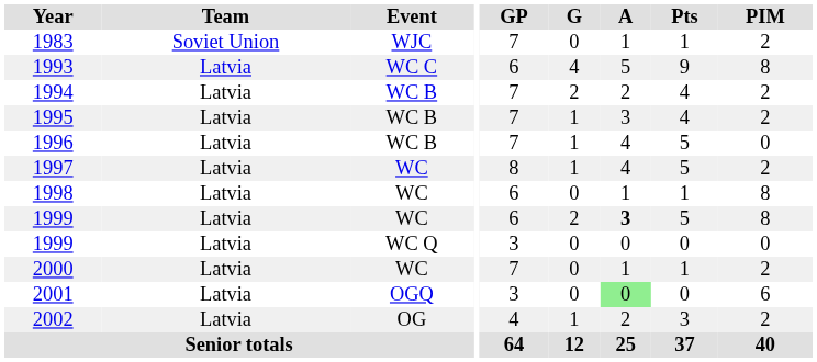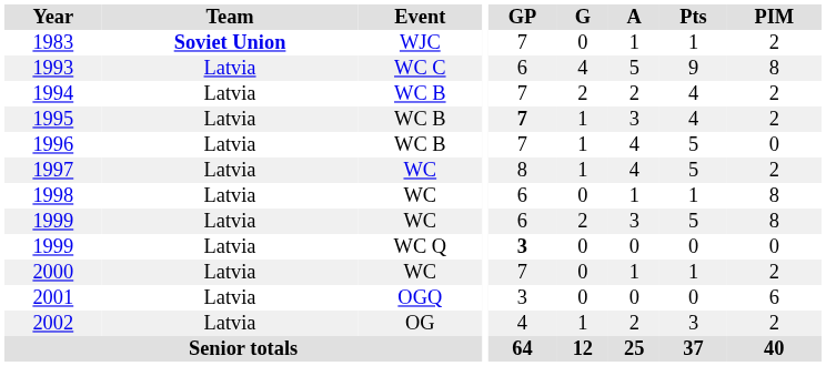 <table border="0" cellpadding="1" cellspacing="0" ID="Table3" style="text-align:center; width:40em">
 <tr ALIGN="center" bgcolor="#e0e0e0">
 <th>Year</th>
 <th>Team</th>
 <th>Event</th>
 <th rowspan="99" bgcolor="#ffffff"></th>
 <th>GP</th>
 <th>G</th>
 <th>A</th>
 <th>Pts</th>
 <th>PIM</th>
 </tr>
 <tr>
 <td><a href='#'>1983</a></td>
-<td><a href='#'>Soviet Union</a></td>
+<td><strong><a href='#'>Soviet Union</a></strong></td>
 <td><a href='#'>WJC</a></td>
 <td>7</td>
 <td>0</td>
 <td>1</td>
 <td>1</td>
 <td>2</td>
 </tr>
 <tr bgcolor="#f0f0f0">
 <td><a href='#'>1993</a></td>
 <td><a href='#'>Latvia</a></td>
 <td><a href='#'>WC C</a></td>
 <td>6</td>
 <td>4</td>
 <td>5</td>
 <td>9</td>
 <td>8</td>
 </tr>
 <tr>
 <td><a href='#'>1994</a></td>
 <td>Latvia</td>
 <td><a href='#'>WC B</a></td>
 <td>7</td>
 <td>2</td>
 <td>2</td>
 <td>4</td>
 <td>2</td>
 </tr>
 <tr bgcolor="#f0f0f0">
 <td><a href='#'>1995</a></td>
 <td>Latvia</td>
 <td>WC B</td>
-<td>7</td>
+<td><strong>7</strong></td>
 <td>1</td>
 <td>3</td>
 <td>4</td>
 <td>2</td>
 </tr>
 <tr>
 <td><a href='#'>1996</a></td>
 <td>Latvia</td>
 <td>WC B</td>
 <td>7</td>
 <td>1</td>
 <td>4</td>
 <td>5</td>
 <td>0</td>
 </tr>
 <tr bgcolor="#f0f0f0">
 <td><a href='#'>1997</a></td>
 <td>Latvia</td>
 <td><a href='#'>WC</a></td>
 <td>8</td>
 <td>1</td>
 <td>4</td>
 <td>5</td>
 <td>2</td>
 </tr>
 <tr>
 <td><a href='#'>1998</a></td>
 <td>Latvia</td>
 <td>WC</td>
 <td>6</td>
 <td>0</td>
 <td>1</td>
 <td>1</td>
 <td>8</td>
 </tr>
 <tr bgcolor="#f0f0f0">
 <td><a href='#'>1999</a></td>
 <td>Latvia</td>
 <td>WC</td>
 <td>6</td>
 <td>2</td>
-<td><strong>3</strong></td>
+<td>3</td>
 <td>5</td>
 <td>8</td>
 </tr>
 <tr>
 <td><a href='#'>1999</a></td>
 <td>Latvia</td>
 <td>WC Q</td>
-<td>3</td>
+<td><strong>3</strong></td>
 <td>0</td>
 <td>0</td>
 <td>0</td>
 <td>0</td>
 </tr>
 <tr bgcolor="#f0f0f0">
 <td><a href='#'>2000</a></td>
 <td>Latvia</td>
 <td>WC</td>
 <td>7</td>
 <td>0</td>
 <td>1</td>
 <td>1</td>
 <td>2</td>
 </tr>
 <tr>
 <td><a href='#'>2001</a></td>
 <td>Latvia</td>
 <td><a href='#'>OGQ</a></td>
 <td>3</td>
 <td>0</td>
-<td style="background: lightgreen;">0</td>
+<td>0</td>
 <td>0</td>
 <td>6</td>
 </tr>
 <tr bgcolor="#f0f0f0">
 <td><a href='#'>2002</a></td>
 <td>Latvia</td>
 <td>OG</td>
 <td>4</td>
 <td>1</td>
 <td>2</td>
 <td>3</td>
 <td>2</td>
 </tr>
 <tr bgcolor="#e0e0e0">
 <th colspan="3">Senior totals</th>
 <th>64</th>
 <th>12</th>
 <th>25</th>
 <th>37</th>
 <th>40</th>
 </tr>
 </table>
